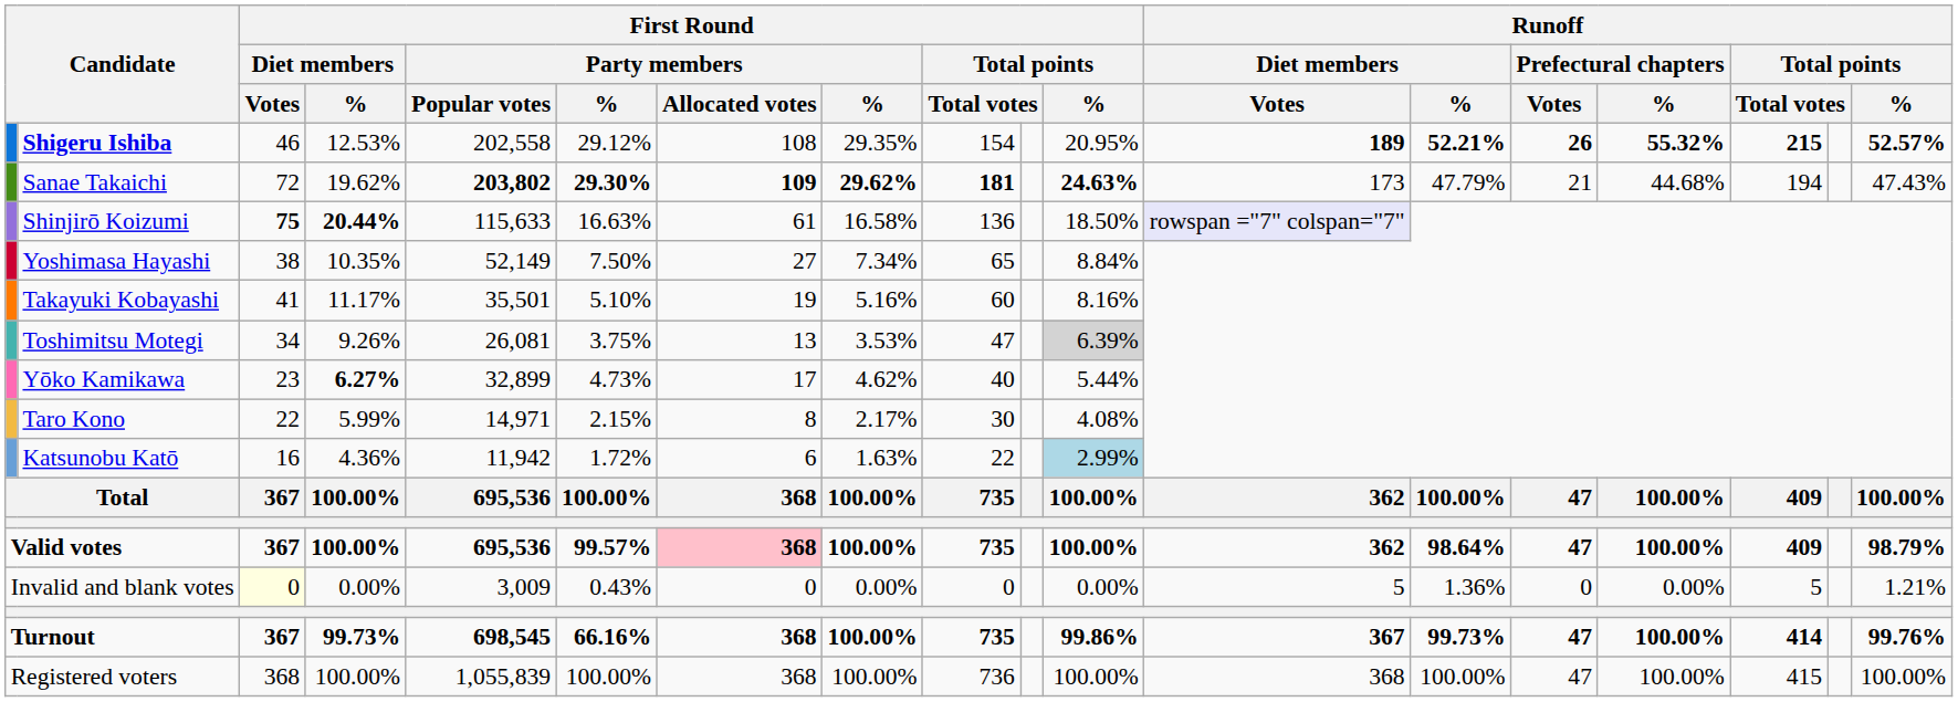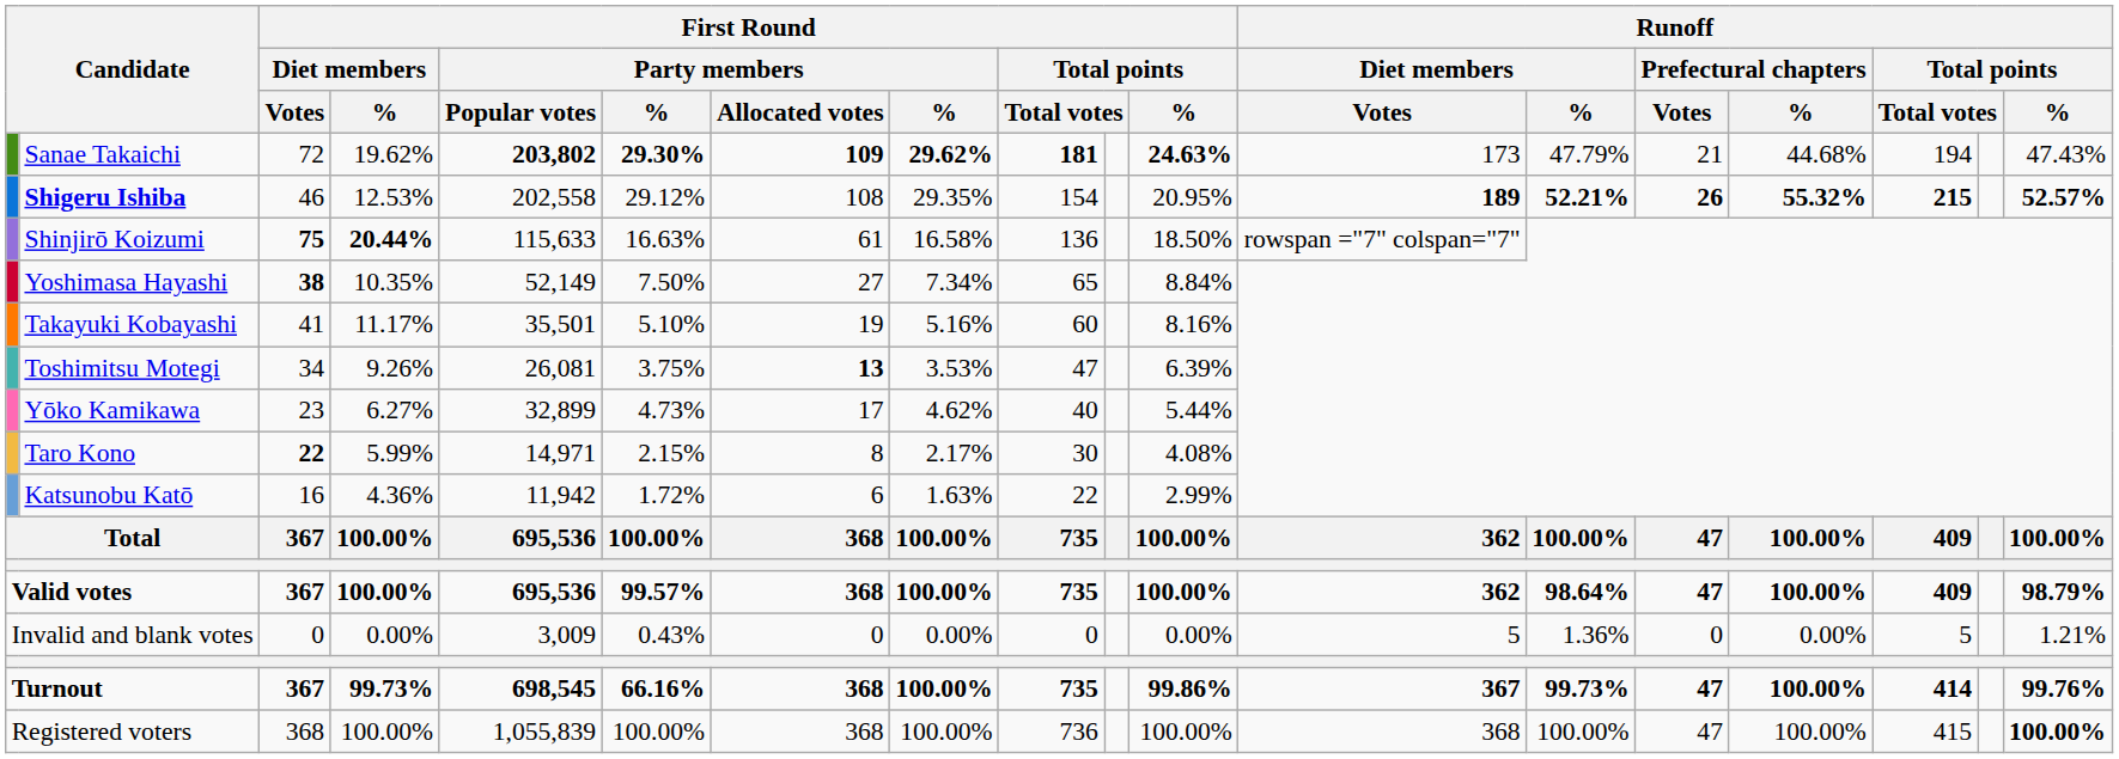 <table class="wikitable" style="font-size:95%;">
 <tr>
 <th rowspan="3" colspan="2">Candidate</th>
 <th colspan="9">First Round</th>
 <th colspan="7">Runoff</th>
 </tr>
 <tr>
 <th colspan="2">Diet members</th>
 <th colspan="4">Party members</th>
 <th colspan="3">Total points</th>
 <th colspan="2">Diet members</th>
 <th colspan="2">Prefectural chapters</th>
 <th colspan="3">Total points</th>
 </tr>
 <tr>
 <th>Votes</th>
 <th>%</th>
 <th>Popular votes</th>
 <th>%</th>
 <th>Allocated votes</th>
 <th>%</th>
 <th colspan=2>Total votes</th>
 <th>%</th>
 <th>Votes</th>
 <th>%</th>
 <th>Votes</th>
 <th>%</th>
 <th colspan=2>Total votes</th>
 <th>%</th>
 </tr>
 <tr>
+<td style="background:#438C15;"></td>
+<td><a href='#'>Sanae Takaichi</a></td>
+<td style="text-align:right">72</td>
+<td style="text-align:right">19.62%</td>
+<td style="text-align:right"><strong>203,802</strong></td>
+<td style="text-align:right"><strong>29.30%</strong></td>
+<td style="text-align:right"><strong>109</strong></td>
+<td style="text-align:right"><strong>29.62%</strong></td>
+<td style="text-align:right"><strong>181</strong></td>
+<td align=center></td>
+<td style="text-align:right"><strong>24.63%</strong></td>
+<td style="text-align:right">173</td>
+<td style="text-align:right">47.79%</td>
+<td style="text-align:right">21</td>
+<td style="text-align:right">44.68%</td>
+<td style="text-align:right">194</td>
+<td align=center></td>
+<td style="text-align:right">47.43%</td>
+</tr>
+<tr>
 <td style="background:#0b75d9;"></td>
 <td><strong><a href='#'>Shigeru Ishiba</a></strong> </td>
 <td style="text-align:right">46</td>
 <td style="text-align:right">12.53%</td>
 <td style="text-align:right">202,558</td>
 <td style="text-align:right">29.12%</td>
 <td style="text-align:right">108</td>
 <td style="text-align:right">29.35%</td>
 <td style="text-align:right">154</td>
 <td align=center></td>
 <td style="text-align:right">20.95%</td>
 <td style="text-align:right"><strong>189</strong></td>
 <td style="text-align:right"><strong>52.21%</strong></td>
 <td style="text-align:right"><strong>26</strong></td>
 <td style="text-align:right"><strong>55.32%</strong></td>
 <td style="text-align:right"><strong>215</strong></td>
 <td align=center></td>
 <td style="text-align:right"><strong>52.57%</strong></td>
 </tr>
 <tr>
-<td style="background:#438C15;"></td>
-<td><a href='#'>Sanae Takaichi</a></td>
-<td style="text-align:right">72</td>
-<td style="text-align:right">19.62%</td>
-<td style="text-align:right"><strong>203,802</strong></td>
-<td style="text-align:right"><strong>29.30%</strong></td>
-<td style="text-align:right"><strong>109</strong></td>
-<td style="text-align:right"><strong>29.62%</strong></td>
-<td style="text-align:right"><strong>181</strong></td>
-<td align=center></td>
-<td style="text-align:right"><strong>24.63%</strong></td>
-<td style="text-align:right">173</td>
-<td style="text-align:right">47.79%</td>
-<td style="text-align:right">21</td>
-<td style="text-align:right">44.68%</td>
-<td style="text-align:right">194</td>
-<td align=center></td>
-<td style="text-align:right">47.43%</td>
-</tr>
-<tr>
 <td style="background:#9370DB;"></td>
 <td><a href='#'>Shinjirō Koizumi</a></td>
 <td style="text-align:right"><strong>75</strong></td>
 <td style="text-align:right"><strong>20.44%</strong></td>
 <td style="text-align:right">115,633</td>
 <td style="text-align:right">16.63%</td>
 <td style="text-align:right">61</td>
 <td style="text-align:right">16.58%</td>
 <td style="text-align:right">136</td>
 <td align=center></td>
 <td style="text-align:right">18.50%</td>
-<td style="background: lavender;">rowspan ="7" colspan="7" </td>
+<td>rowspan ="7" colspan="7" </td>
 </tr>
 <tr>
 <td style="background:#CC0033;"></td>
 <td><a href='#'>Yoshimasa Hayashi</a></td>
-<td style="text-align:right">38</td>
+<td style="text-align:right"><strong>38</strong></td>
 <td style="text-align:right">10.35%</td>
 <td style="text-align:right">52,149</td>
 <td style="text-align:right">7.50%</td>
 <td style="text-align:right">27</td>
 <td style="text-align:right">7.34%</td>
 <td style="text-align:right">65</td>
 <td align=center></td>
 <td style="text-align:right">8.84%</td>
 </tr>
 <tr>
 <td style="background:#FF7900;"></td>
 <td><a href='#'>Takayuki Kobayashi</a></td>
 <td style="text-align:right">41</td>
 <td style="text-align:right">11.17%</td>
 <td style="text-align:right">35,501</td>
 <td style="text-align:right">5.10%</td>
 <td style="text-align:right">19</td>
 <td style="text-align:right">5.16%</td>
 <td style="text-align:right">60</td>
 <td align=center></td>
 <td style="text-align:right">8.16%</td>
 </tr>
 <tr>
 <td style="background:#43B3AE;"></td>
 <td><a href='#'>Toshimitsu Motegi</a></td>
 <td style="text-align:right">34</td>
 <td style="text-align:right">9.26%</td>
 <td style="text-align:right">26,081</td>
 <td style="text-align:right">3.75%</td>
-<td style="text-align:right">13</td>
+<td style="text-align:right"><strong>13</strong></td>
 <td style="text-align:right">3.53%</td>
 <td style="text-align:right">47</td>
 <td align=center></td>
-<td style="background: lightgrey; text-align:right">6.39%</td>
+<td style="text-align:right">6.39%</td>
 </tr>
 <tr>
 <td style="background:#FF69B4;"></td>
 <td><a href='#'>Yōko Kamikawa</a></td>
 <td style="text-align:right">23</td>
-<td style="text-align:right"><strong>6.27%</strong></td>
+<td style="text-align:right">6.27%</td>
 <td style="text-align:right">32,899</td>
 <td style="text-align:right">4.73%</td>
 <td style="text-align:right">17</td>
 <td style="text-align:right">4.62%</td>
 <td style="text-align:right">40</td>
 <td align=center></td>
 <td style="text-align:right">5.44%</td>
 </tr>
 <tr>
 <td style="background:#F2BA42;"></td>
 <td><a href='#'>Taro Kono</a></td>
-<td style="text-align:right">22</td>
+<td style="text-align:right"><strong>22</strong></td>
 <td style="text-align:right">5.99%</td>
 <td style="text-align:right">14,971</td>
 <td style="text-align:right">2.15%</td>
 <td style="text-align:right">8</td>
 <td style="text-align:right">2.17%</td>
 <td style="text-align:right">30</td>
 <td align=center></td>
 <td style="text-align:right">4.08%</td>
 </tr>
 <tr>
 <td style="background:#679FD7;"></td>
 <td><a href='#'>Katsunobu Katō</a></td>
 <td style="text-align:right">16</td>
 <td style="text-align:right">4.36%</td>
 <td style="text-align:right">11,942</td>
 <td style="text-align:right">1.72%</td>
 <td style="text-align:right">6</td>
 <td style="text-align:right">1.63%</td>
 <td style="text-align:right">22</td>
 <td align=center></td>
-<td style="background: lightblue; text-align:right">2.99%</td>
+<td style="text-align:right">2.99%</td>
 </tr>
 <tr>
 <th colspan="2">Total</th>
 <th style="text-align:right">367</th>
 <th style="text-align:right">100.00%</th>
 <th style="text-align:right">695,536</th>
 <th style="text-align:right">100.00%</th>
 <th style="text-align:right">368</th>
 <th style="text-align:right">100.00%</th>
 <th style="text-align:right">735</th>
 <th></th>
 <th style="text-align:right">100.00%</th>
 <th style="text-align:right">362</th>
 <th style="text-align:right">100.00%</th>
 <th style="text-align:right">47</th>
 <th style="text-align:right">100.00%</th>
 <th style="text-align:right">409</th>
 <th></th>
 <th style="text-align:right">100.00%</th>
 </tr>
 <tr>
 <th colspan=18></th>
 </tr>
 <tr>
 <td colspan="2"><strong>Valid votes</strong></td>
 <td style="text-align:right"><strong>367</strong></td>
 <td style="text-align:right"><strong>100.00%</strong></td>
 <td style="text-align:right"><strong>695,536</strong></td>
 <td style="text-align:right"><strong>99.57%</strong></td>
-<td style="background: pink; text-align:right"><strong>368</strong></td>
+<td style="text-align:right"><strong>368</strong></td>
 <td style="text-align:right"><strong>100.00%</strong></td>
 <td style="text-align:right"><strong>735</strong></td>
 <td style="text-align:right"></td>
 <td style="text-align:right"><strong>100.00%</strong></td>
 <td style="text-align:right"><strong>362</strong></td>
 <td style="text-align:right"><strong>98.64%</strong></td>
 <td style="text-align:right"><strong>47</strong></td>
 <td style="text-align:right"><strong>100.00%</strong></td>
 <td style="text-align:right"><strong>409</strong></td>
 <td style="text-align:right"></td>
 <td style="text-align:right"><strong>98.79%</strong></td>
 </tr>
 <tr>
 <td colspan="2">Invalid and blank votes</td>
-<td style="background: lightyellow; text-align:right">0</td>
+<td style="text-align:right">0</td>
 <td style="text-align:right">0.00%</td>
 <td style="text-align:right">3,009</td>
 <td style="text-align:right">0.43%</td>
 <td style="text-align:right">0</td>
 <td style="text-align:right">0.00%</td>
 <td style="text-align:right">0</td>
 <td style="text-align:right"></td>
 <td style="text-align:right">0.00%</td>
 <td style="text-align:right">5</td>
 <td style="text-align:right">1.36%</td>
 <td style="text-align:right">0</td>
 <td style="text-align:right">0.00%</td>
 <td style="text-align:right">5</td>
 <td style="text-align:right"></td>
 <td style="text-align:right">1.21%</td>
 </tr>
 <tr>
 <th colspan=18></th>
 </tr>
 <tr>
 <td colspan="2"><strong>Turnout</strong></td>
 <td style="text-align:right"><strong>367</strong></td>
 <td style="text-align:right"><strong>99.73%</strong></td>
 <td style="text-align:right"><strong>698,545</strong></td>
 <td style="text-align:right"><strong>66.16%</strong></td>
 <td style="text-align:right"><strong>368</strong></td>
 <td style="text-align:right"><strong>100.00%</strong></td>
 <td style="text-align:right"><strong>735</strong></td>
 <td style="text-align:right"></td>
 <td style="text-align:right"><strong>99.86%</strong></td>
 <td style="text-align:right"><strong>367</strong></td>
 <td style="text-align:right"><strong>99.73%</strong></td>
 <td style="text-align:right"><strong>47</strong></td>
 <td style="text-align:right"><strong>100.00%</strong></td>
 <td style="text-align:right"><strong>414</strong></td>
 <td style="text-align:right"></td>
 <td style="text-align:right"><strong>99.76%</strong></td>
 </tr>
 <tr>
 <td colspan="2">Registered voters</td>
 <td style="text-align:right">368</td>
 <td style="text-align:right">100.00%</td>
 <td style="text-align:right">1,055,839</td>
 <td style="text-align:right">100.00%</td>
 <td style="text-align:right">368</td>
 <td style="text-align:right">100.00%</td>
 <td style="text-align:right">736</td>
 <td style="text-align:right"></td>
 <td style="text-align:right">100.00%</td>
 <td style="text-align:right">368</td>
 <td style="text-align:right">100.00%</td>
 <td style="text-align:right">47</td>
 <td style="text-align:right">100.00%</td>
 <td style="text-align:right">415</td>
 <td style="text-align:right"></td>
-<td style="text-align:right">100.00%</td>
+<td style="text-align:right"><strong>100.00%</strong></td>
 </tr>
 </table>
